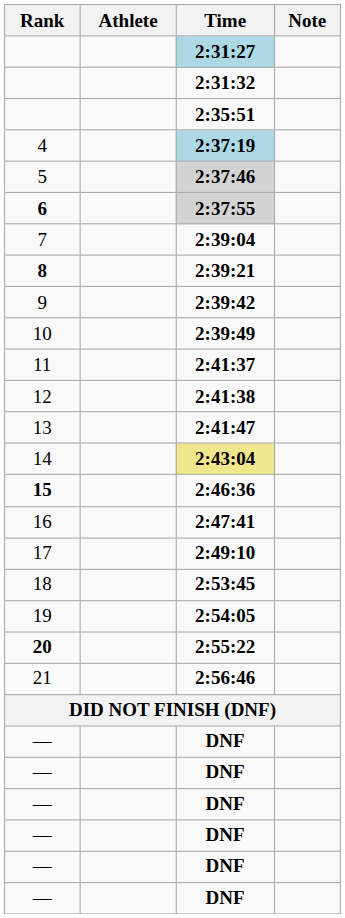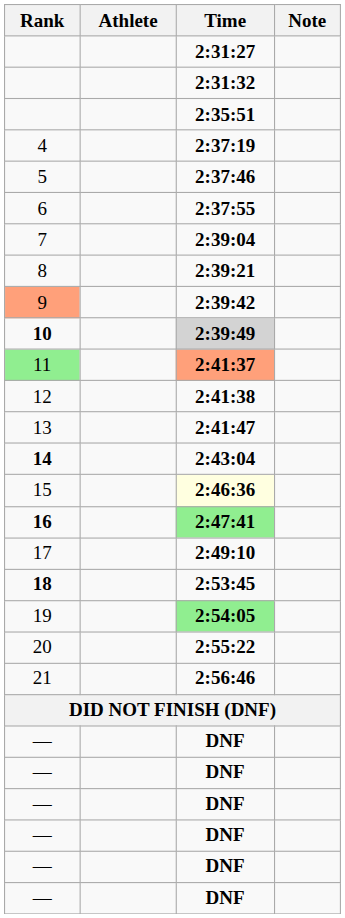 <table class="wikitable" style=" text-align:center; font-size:110%;" width="50%">
 <tr>
 <th>Rank</th>
 <th>Athlete</th>
 <th>Time</th>
 <th>Note</th>
 </tr>
 <tr>
 <td></td>
 <td align=left></td>
-<td style="background: lightblue;"><strong>2:31:27</strong></td>
+<td><strong>2:31:27</strong></td>
 <td></td>
 </tr>
 <tr>
 <td></td>
 <td align=left></td>
 <td><strong>2:31:32</strong></td>
 <td></td>
 </tr>
 <tr>
 <td></td>
 <td align=left></td>
 <td><strong>2:35:51</strong></td>
 <td></td>
 </tr>
 <tr>
 <td>4</td>
 <td align=left></td>
-<td style="background: lightblue;"><strong>2:37:19</strong></td>
+<td><strong>2:37:19</strong></td>
 <td></td>
 </tr>
 <tr>
 <td>5</td>
 <td align=left></td>
-<td style="background: lightgrey;"><strong>2:37:46</strong></td>
+<td><strong>2:37:46</strong></td>
 <td></td>
 </tr>
 <tr>
-<td><strong>6</strong></td>
+<td>6</td>
 <td align=left></td>
-<td style="background: lightgrey;"><strong>2:37:55</strong></td>
+<td><strong>2:37:55</strong></td>
 <td></td>
 </tr>
 <tr>
 <td>7</td>
 <td align=left></td>
 <td><strong>2:39:04</strong></td>
 <td></td>
 </tr>
 <tr>
-<td><strong>8</strong></td>
+<td>8</td>
 <td align=left></td>
 <td><strong>2:39:21</strong></td>
 <td></td>
 </tr>
 <tr>
-<td>9</td>
+<td style="background: lightsalmon;">9</td>
 <td align=left></td>
 <td><strong>2:39:42</strong></td>
 <td></td>
 </tr>
 <tr>
-<td>10</td>
+<td><strong>10</strong></td>
 <td align=left></td>
-<td><strong>2:39:49</strong></td>
+<td style="background: lightgrey;"><strong>2:39:49</strong></td>
 <td></td>
 </tr>
 <tr>
-<td>11</td>
+<td style="background: lightgreen;">11</td>
 <td align=left></td>
-<td><strong>2:41:37</strong></td>
+<td style="background: lightsalmon;"><strong>2:41:37</strong></td>
 <td></td>
 </tr>
 <tr>
 <td>12</td>
 <td align=left></td>
 <td><strong>2:41:38</strong></td>
 <td></td>
 </tr>
 <tr>
 <td>13</td>
 <td align=left></td>
 <td><strong>2:41:47</strong></td>
 <td></td>
 </tr>
 <tr>
-<td>14</td>
+<td><strong>14</strong></td>
 <td align=left></td>
-<td style="background: khaki;"><strong>2:43:04</strong></td>
+<td><strong>2:43:04</strong></td>
 <td></td>
 </tr>
 <tr>
-<td><strong>15</strong></td>
+<td>15</td>
 <td align=left></td>
-<td><strong>2:46:36</strong></td>
+<td style="background: lightyellow;"><strong>2:46:36</strong></td>
 <td></td>
 </tr>
 <tr>
-<td>16</td>
+<td><strong>16</strong></td>
 <td align=left></td>
-<td><strong>2:47:41</strong></td>
+<td style="background: lightgreen;"><strong>2:47:41</strong></td>
 <td></td>
 </tr>
 <tr>
 <td>17</td>
 <td align=left></td>
 <td><strong>2:49:10</strong></td>
 <td></td>
 </tr>
 <tr>
-<td>18</td>
+<td><strong>18</strong></td>
 <td align=left></td>
 <td><strong>2:53:45</strong></td>
 <td></td>
 </tr>
 <tr>
 <td>19</td>
 <td align=left></td>
-<td><strong>2:54:05</strong></td>
+<td style="background: lightgreen;"><strong>2:54:05</strong></td>
 <td></td>
 </tr>
 <tr>
-<td><strong>20</strong></td>
+<td>20</td>
 <td align=left></td>
 <td><strong>2:55:22</strong></td>
 <td></td>
 </tr>
 <tr>
 <td>21</td>
 <td align=left></td>
 <td><strong>2:56:46</strong></td>
 <td></td>
 </tr>
 <tr>
 <th colspan="4">DID NOT FINISH (DNF)</th>
 </tr>
 <tr>
 <td>—</td>
 <td align=left></td>
 <td><strong>DNF</strong></td>
 <td></td>
 </tr>
 <tr>
 <td>—</td>
 <td align=left></td>
 <td><strong>DNF</strong></td>
 <td></td>
 </tr>
 <tr>
 <td>—</td>
 <td align=left></td>
 <td><strong>DNF</strong></td>
 <td></td>
 </tr>
 <tr>
 <td>—</td>
 <td align=left></td>
 <td><strong>DNF</strong></td>
 <td></td>
 </tr>
 <tr>
 <td>—</td>
 <td align=left></td>
 <td><strong>DNF</strong></td>
 <td></td>
 </tr>
 <tr>
 <td>—</td>
 <td align=left></td>
 <td><strong>DNF</strong></td>
 <td></td>
 </tr>
 </table>
